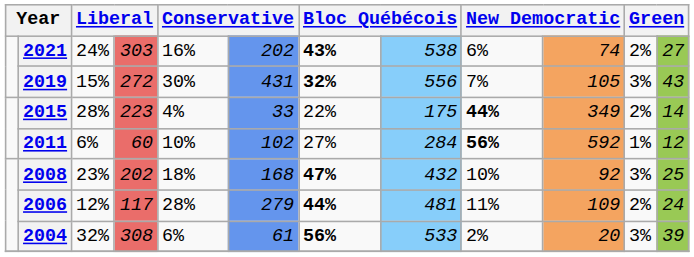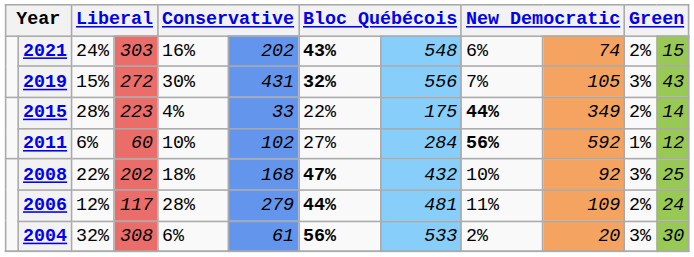 <table class="wikitable" style="width:400; font-size:90%; margin-left:1em;">
 <tr>
 <th colspan="2" scope="col">Year</th>
 <th colspan="2" scope="col"><a href='#'>Liberal</a></th>
 <th colspan="2" scope="col"><a href='#'>Conservative</a></th>
 <th colspan="2" scope="col"><a href='#'>Bloc Québécois</a></th>
 <th colspan="2" scope="col"><a href='#'>New Democratic</a></th>
 <th colspan="2" scope="col"><a href='#'>Green</a></th>
 </tr>
 <tr>
 <td rowspan="2" style="width: 0.25em; background-color: "></td>
 <th><a href='#'>2021</a></th>
 <td>24%</td>
 <td style="text-align:right; background:#EA6D6A;"><em>303</em></td>
 <td>16%</td>
 <td style="text-align:right; background:#6495ED;"><em>202</em></td>
 <td><strong>43%</strong></td>
-<td style="text-align:right; background:#87CEFA;"><em>538</em></td>
+<td style="text-align:right; background:#87CEFA;"><em>548</em></td>
 <td>6%</td>
 <td style="text-align:right; background:#F4A460;"><em>74</em></td>
 <td>2%</td>
-<td style="text-align:right; background:#99C955;"><em>27</em></td>
+<td style="text-align:right; background:#99C955;"><em>15</em></td>
 </tr>
 <tr>
 <th><a href='#'>2019</a></th>
 <td>15%</td>
 <td style="text-align:right; background:#EA6D6A;"><em>272</em></td>
 <td>30%</td>
 <td style="text-align:right; background:#6495ED;"><em>431</em></td>
 <td><strong>32%</strong></td>
 <td style="text-align:right; background:#87CEFA;"><em>556</em></td>
 <td>7%</td>
 <td style="text-align:right; background:#F4A460;"><em>105</em></td>
 <td>3%</td>
 <td style="text-align:right; background:#99C955;"><em>43</em></td>
 </tr>
 <tr>
 <td rowspan="2" style="width: 0.25em; background-color: "></td>
 <th><a href='#'>2015</a></th>
 <td>28%</td>
 <td style="text-align:right; background:#EA6D6A;"><em>223</em></td>
 <td>4%</td>
 <td style="text-align:right; background:#6495ED;"><em>33</em></td>
 <td>22%</td>
 <td style="text-align:right; background:#87CEFA;"><em>175</em></td>
 <td><strong>44%</strong></td>
 <td style="text-align:right; background:#F4A460;"><em>349</em></td>
 <td>2%</td>
 <td style="text-align:right; background:#99C955;"><em>14</em></td>
 </tr>
 <tr>
 <th><a href='#'>2011</a></th>
 <td>6%</td>
 <td style="text-align:right; background:#EA6D6A;"><em>60</em></td>
 <td>10%</td>
 <td style="text-align:right; background:#6495ED;"><em>102</em></td>
 <td>27%</td>
 <td style="text-align:right; background:#87CEFA;"><em>284</em></td>
 <td><strong>56%</strong></td>
 <td style="text-align:right; background:#F4A460;"><em>592</em></td>
 <td>1%</td>
 <td style="text-align:right; background:#99C955;"><em>12</em></td>
 </tr>
 <tr>
 <td rowspan="3" style="width: 0.25em; background-color: "></td>
 <th><a href='#'>2008</a></th>
-<td>23%</td>
+<td>22%</td>
 <td style="text-align:right; background:#EA6D6A;"><em>202</em></td>
 <td>18%</td>
 <td style="text-align:right; background:#6495ED;"><em>168</em></td>
 <td><strong>47%</strong></td>
 <td style="text-align:right; background:#87CEFA;"><em>432</em></td>
 <td>10%</td>
 <td style="text-align:right; background:#F4A460;"><em>92</em></td>
 <td>3%</td>
 <td style="text-align:right; background:#99C955;"><em>25</em></td>
 </tr>
 <tr>
 <th><a href='#'>2006</a></th>
 <td>12%</td>
 <td style="text-align:right; background:#EA6D6A;"><em>117</em></td>
 <td>28%</td>
 <td style="text-align:right; background:#6495ED;"><em>279</em></td>
 <td><strong>44%</strong></td>
 <td style="text-align:right; background:#87CEFA;"><em>481</em></td>
 <td>11%</td>
 <td style="text-align:right; background:#F4A460;"><em>109</em></td>
 <td>2%</td>
 <td style="text-align:right; background:#99C955;"><em>24</em></td>
 </tr>
 <tr>
 <th><a href='#'>2004</a></th>
 <td>32%</td>
 <td style="text-align:right; background:#EA6D6A;"><em>308</em></td>
 <td>6%</td>
 <td style="text-align:right; background:#6495ED;"><em>61</em></td>
 <td><strong>56%</strong></td>
 <td style="text-align:right; background:#87CEFA;"><em>533</em></td>
 <td>2%</td>
 <td style="text-align:right; background:#F4A460;"><em>20</em></td>
 <td>3%</td>
-<td style="text-align:right; background:#99C955;"><em>39</em></td>
+<td style="text-align:right; background:#99C955;"><em>30</em></td>
 </tr>
 <tr>
 </tr>
 </table>
